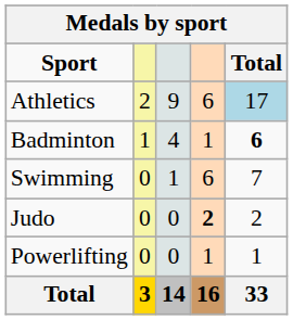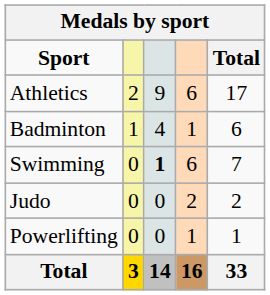 <table class="wikitable" style="text-align:center; font-size:85%; float:right">
 <tr style="background:#efefef;">
 <th colspan=5><strong>Medals by sport</strong></th>
 </tr>
 <tr>
 <td><strong>Sport</strong></td>
 <th style="background:#f7f6a8;"></th>
 <th style="background:#dce5e5;"></th>
 <th style="background:#ffdab9;"></th>
 <th><strong>Total</strong></th>
 </tr>
 <tr>
 <td align=left>Athletics</td>
 <td style="background:#f7f6a8;">2</td>
 <td style="background:#dce5e5;">9</td>
 <td style="background:#ffdab9;">6</td>
-<td style="background: lightblue;">17</td>
+<td>17</td>
 </tr>
 <tr>
 <td align=left>Badminton</td>
 <td style="background:#f7f6a8;">1</td>
 <td style="background:#dce5e5;">4</td>
 <td style="background:#ffdab9;">1</td>
-<td><strong>6</strong></td>
+<td>6</td>
 </tr>
 <tr>
 <td align=left>Swimming</td>
 <td style="background:#f7f6a8;">0</td>
-<td style="background:#dce5e5;">1</td>
+<td style="background:#dce5e5;"><strong>1</strong></td>
 <td style="background:#ffdab9;">6</td>
 <td>7</td>
 </tr>
 <tr>
 <td align=left>Judo</td>
 <td style="background:#f7f6a8;">0</td>
 <td style="background:#dce5e5;">0</td>
-<td style="background:#ffdab9;"><strong>2</strong></td>
+<td style="background:#ffdab9;">2</td>
 <td>2</td>
 </tr>
 <tr>
 <td align=left>Powerlifting</td>
 <td style="background:#f7f6a8;">0</td>
 <td style="background:#dce5e5;">0</td>
 <td style="background:#ffdab9;">1</td>
 <td>1</td>
 </tr>
 <tr>
 <th><strong>Total</strong></th>
 <th style="background:gold;"><strong>3</strong></th>
 <th style="background:silver;"><strong>14</strong></th>
 <th style="background:#c96;"><strong>16</strong></th>
 <th><strong>33</strong></th>
 </tr>
 </table>
